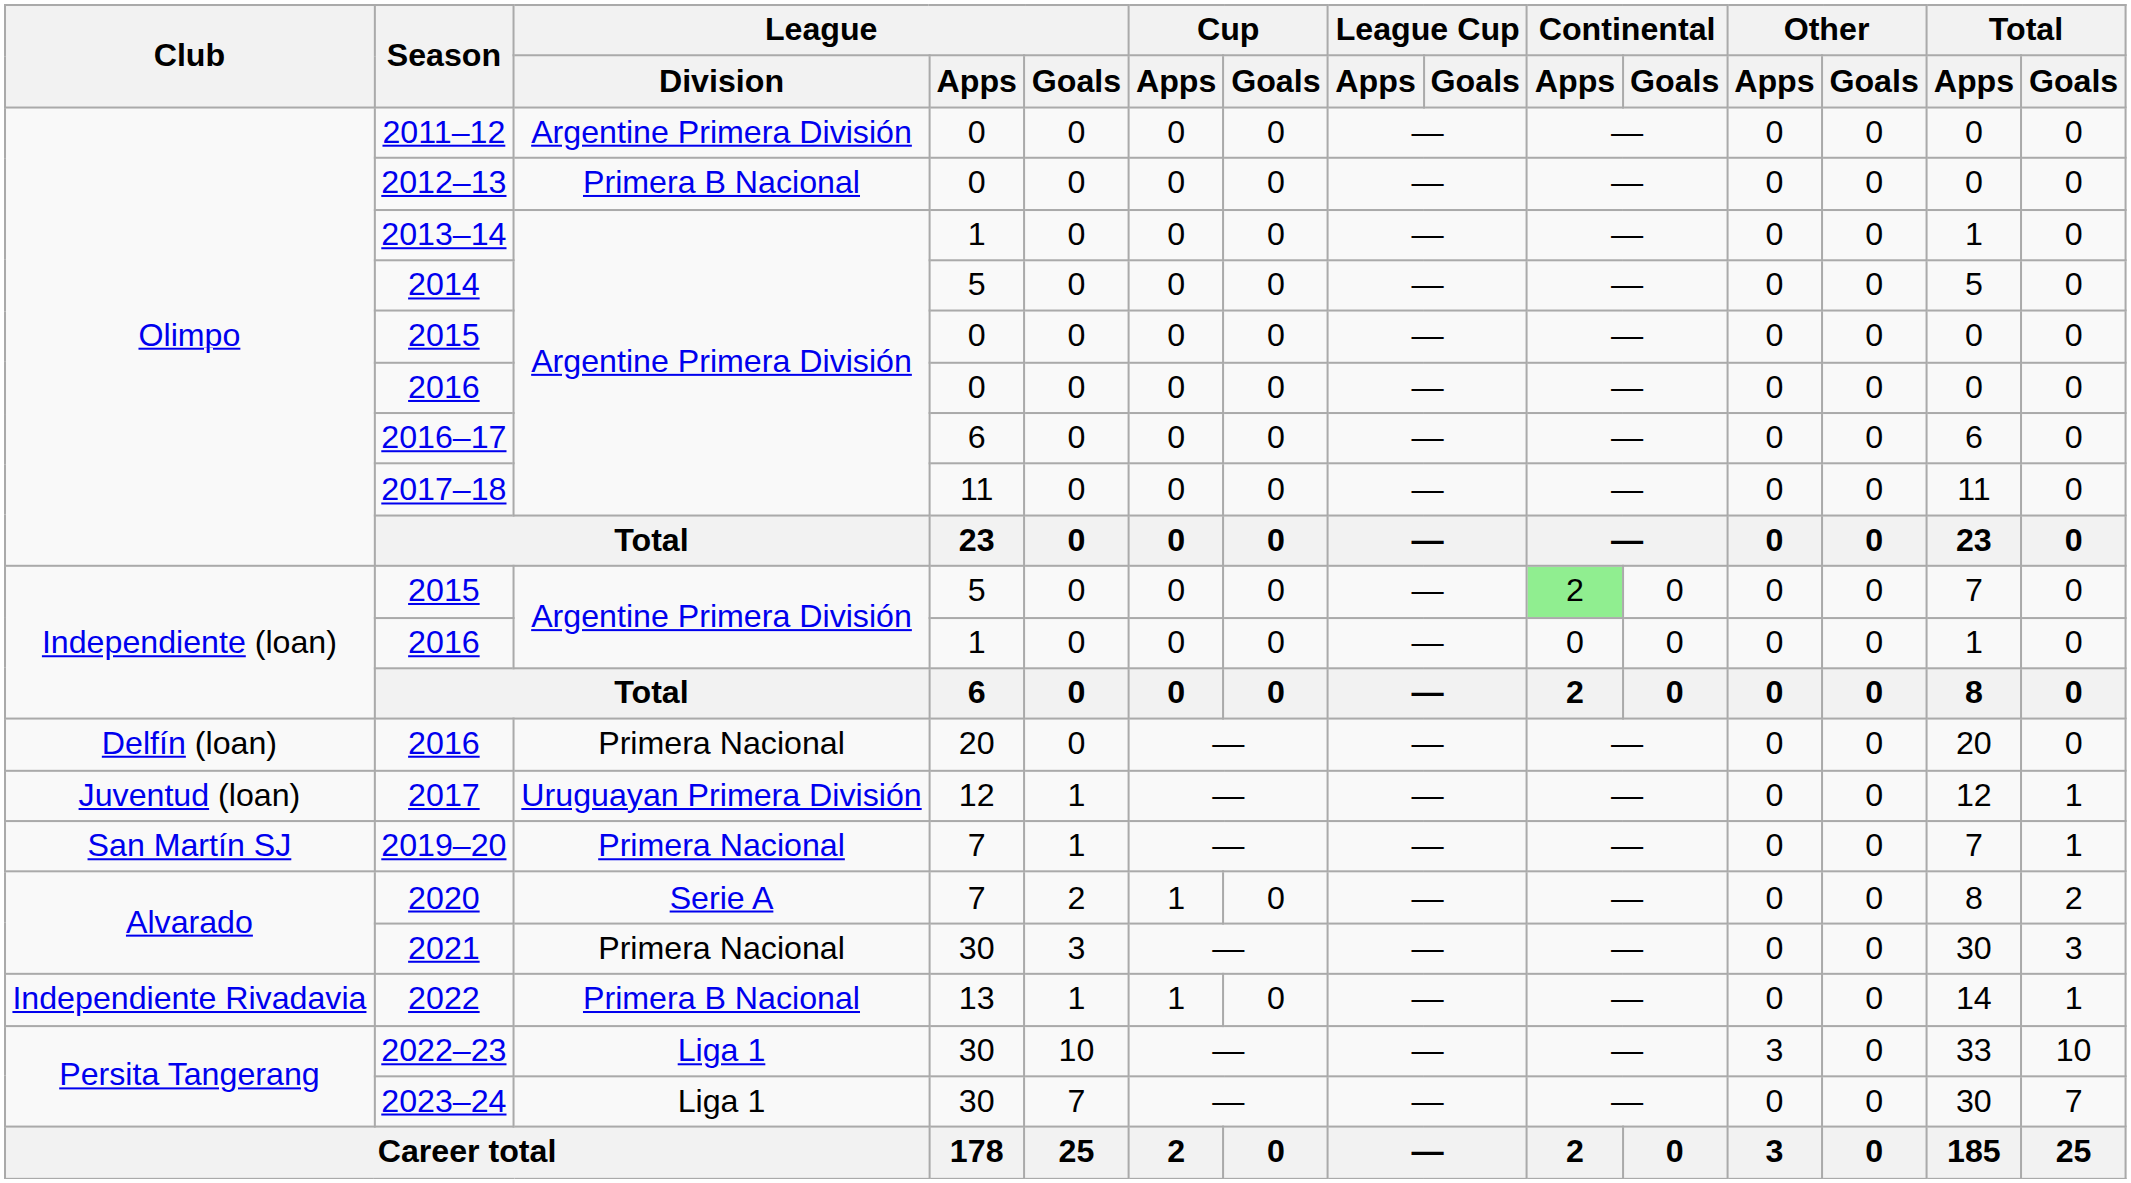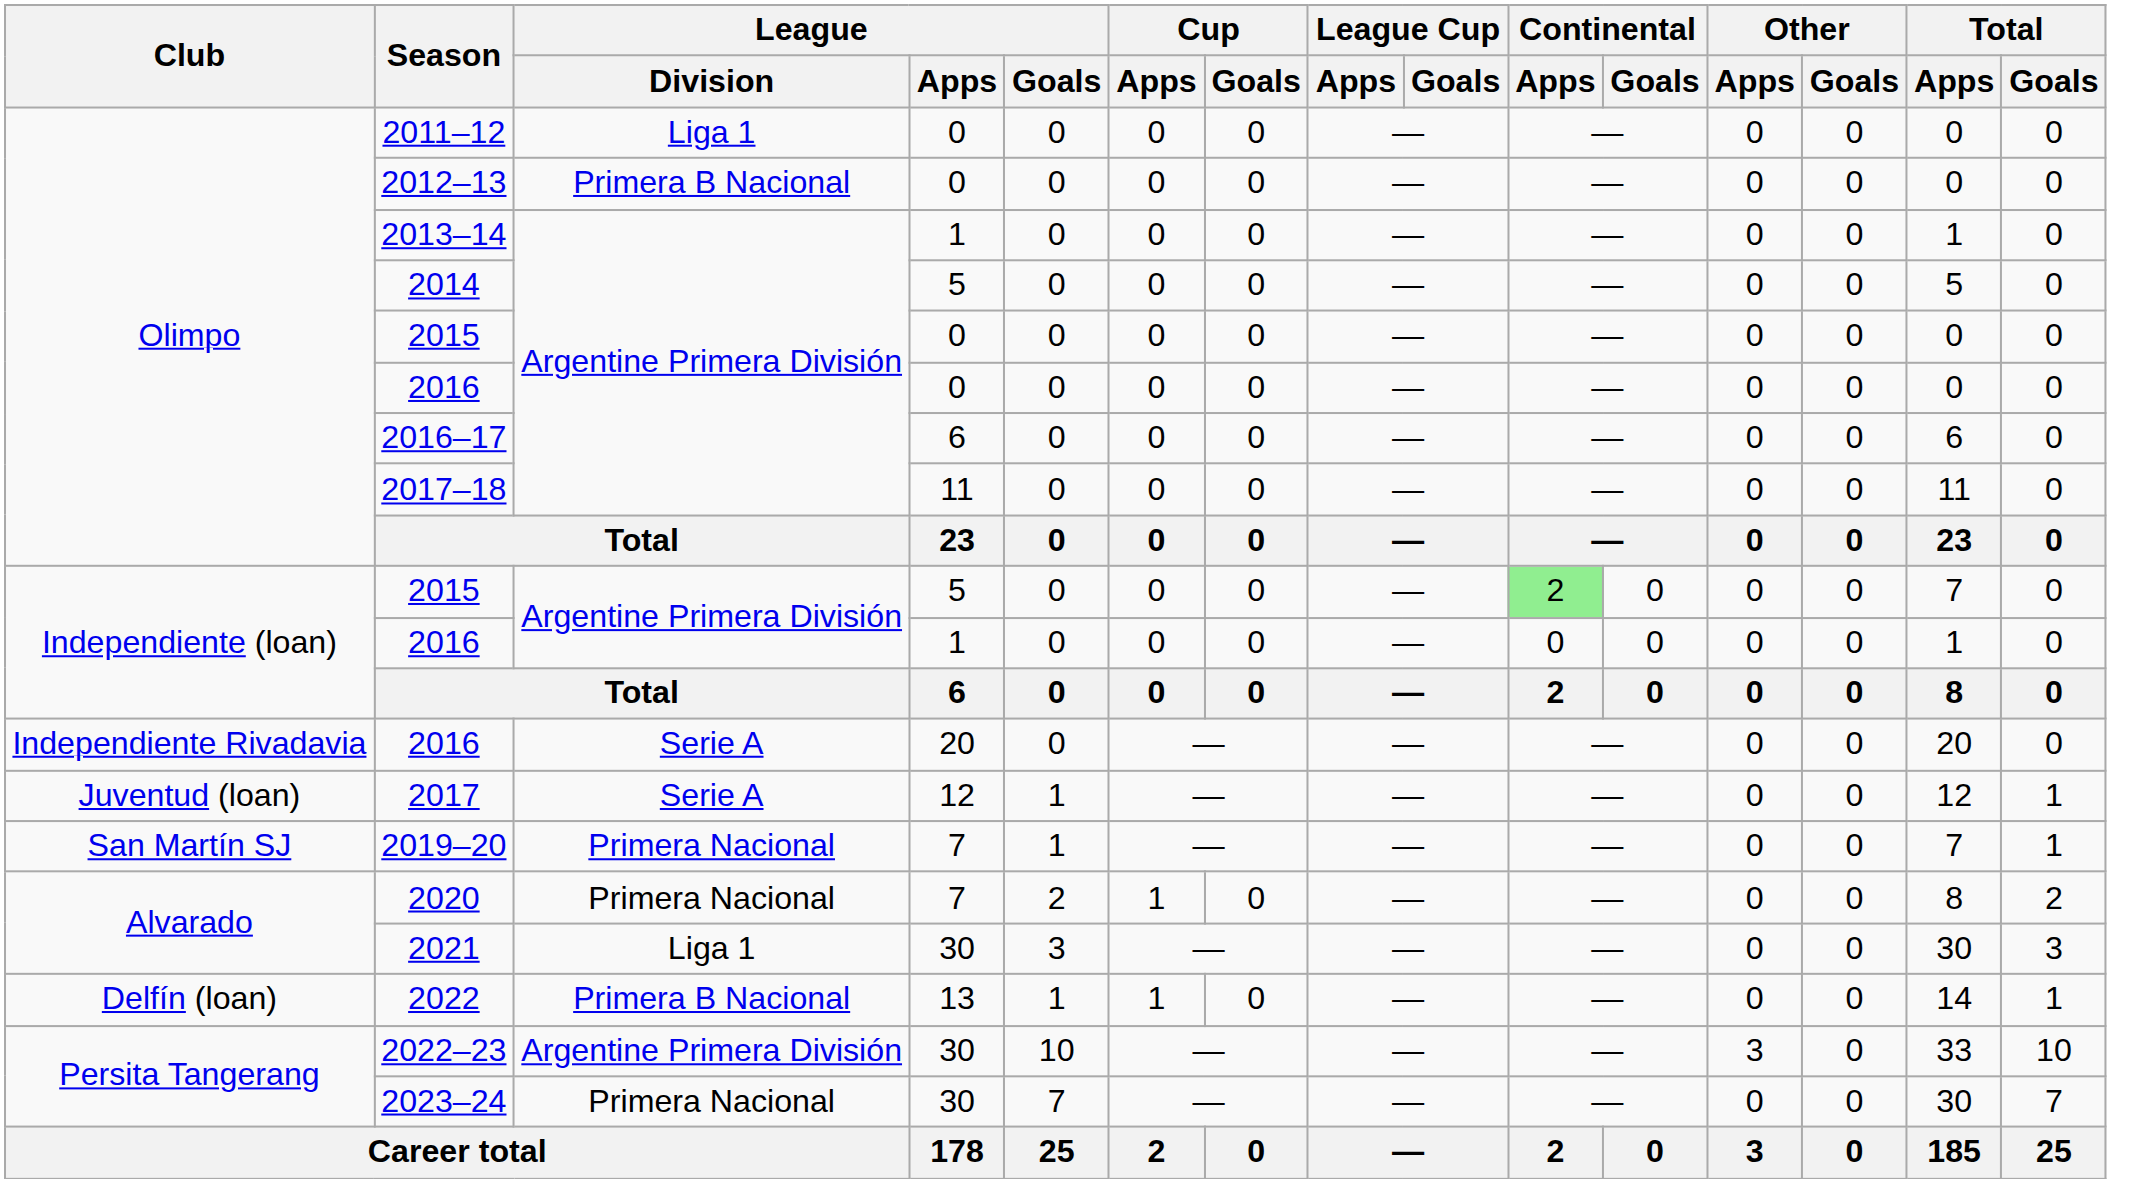 <table class="wikitable" style="text-align:center">
 <tr>
 <th rowspan="2">Club</th>
 <th rowspan="2">Season</th>
 <th colspan="3">League</th>
 <th colspan="2">Cup</th>
 <th colspan="2">League Cup</th>
 <th colspan="2">Continental</th>
 <th colspan="2">Other</th>
 <th colspan="2">Total</th>
 </tr>
 <tr>
 <th>Division</th>
 <th>Apps</th>
 <th>Goals</th>
 <th>Apps</th>
 <th>Goals</th>
 <th>Apps</th>
 <th>Goals</th>
 <th>Apps</th>
 <th>Goals</th>
 <th>Apps</th>
 <th>Goals</th>
 <th>Apps</th>
 <th>Goals</th>
 </tr>
 <tr>
 <td rowspan="9"><a href='#'>Olimpo</a></td>
 <td><a href='#'>2011–12</a></td>
-<td rowspan="1"><a href='#'>Argentine Primera División</a></td>
+<td rowspan="1"><a href='#'>Liga 1</a></td>
 <td>0</td>
 <td>0</td>
 <td>0</td>
 <td>0</td>
 <td colspan="2">—</td>
 <td colspan="2">—</td>
 <td>0</td>
 <td>0</td>
 <td>0</td>
 <td>0</td>
 </tr>
 <tr>
 <td><a href='#'>2012–13</a></td>
 <td rowspan="1"><a href='#'>Primera B Nacional</a></td>
 <td>0</td>
 <td>0</td>
 <td>0</td>
 <td>0</td>
 <td colspan="2">—</td>
 <td colspan="2">—</td>
 <td>0</td>
 <td>0</td>
 <td>0</td>
 <td>0</td>
 </tr>
 <tr>
 <td><a href='#'>2013–14</a></td>
 <td rowspan="6"><a href='#'>Argentine Primera División</a></td>
 <td>1</td>
 <td>0</td>
 <td>0</td>
 <td>0</td>
 <td colspan="2">—</td>
 <td colspan="2">—</td>
 <td>0</td>
 <td>0</td>
 <td>1</td>
 <td>0</td>
 </tr>
 <tr>
 <td><a href='#'>2014</a></td>
 <td>5</td>
 <td>0</td>
 <td>0</td>
 <td>0</td>
 <td colspan="2">—</td>
 <td colspan="2">—</td>
 <td>0</td>
 <td>0</td>
 <td>5</td>
 <td>0</td>
 </tr>
 <tr>
 <td><a href='#'>2015</a></td>
 <td>0</td>
 <td>0</td>
 <td>0</td>
 <td>0</td>
 <td colspan="2">—</td>
 <td colspan="2">—</td>
 <td>0</td>
 <td>0</td>
 <td>0</td>
 <td>0</td>
 </tr>
 <tr>
 <td><a href='#'>2016</a></td>
 <td>0</td>
 <td>0</td>
 <td>0</td>
 <td>0</td>
 <td colspan="2">—</td>
 <td colspan="2">—</td>
 <td>0</td>
 <td>0</td>
 <td>0</td>
 <td>0</td>
 </tr>
 <tr>
 <td><a href='#'>2016–17</a></td>
 <td>6</td>
 <td>0</td>
 <td>0</td>
 <td>0</td>
 <td colspan="2">—</td>
 <td colspan="2">—</td>
 <td>0</td>
 <td>0</td>
 <td>6</td>
 <td>0</td>
 </tr>
 <tr>
 <td><a href='#'>2017–18</a></td>
 <td>11</td>
 <td>0</td>
 <td>0</td>
 <td>0</td>
 <td colspan="2">—</td>
 <td colspan="2">—</td>
 <td>0</td>
 <td>0</td>
 <td>11</td>
 <td>0</td>
 </tr>
 <tr>
 <th colspan="2">Total</th>
 <th>23</th>
 <th>0</th>
 <th>0</th>
 <th>0</th>
 <th colspan="2">—</th>
 <th colspan="2">—</th>
 <th>0</th>
 <th>0</th>
 <th>23</th>
 <th>0</th>
 </tr>
 <tr>
 <td rowspan="3"><a href='#'>Independiente</a> (loan)</td>
 <td><a href='#'>2015</a></td>
 <td rowspan="2"><a href='#'>Argentine Primera División</a></td>
 <td>5</td>
 <td>0</td>
 <td>0</td>
 <td>0</td>
 <td colspan="2">—</td>
 <td style="background: lightgreen;">2</td>
 <td>0</td>
 <td>0</td>
 <td>0</td>
 <td>7</td>
 <td>0</td>
 </tr>
 <tr>
 <td><a href='#'>2016</a></td>
 <td>1</td>
 <td>0</td>
 <td>0</td>
 <td>0</td>
 <td colspan="2">—</td>
 <td>0</td>
 <td>0</td>
 <td>0</td>
 <td>0</td>
 <td>1</td>
 <td>0</td>
 </tr>
 <tr>
 <th colspan="2">Total</th>
 <th>6</th>
 <th>0</th>
 <th>0</th>
 <th>0</th>
 <th colspan="2">—</th>
 <th>2</th>
 <th>0</th>
 <th>0</th>
 <th>0</th>
 <th>8</th>
 <th>0</th>
 </tr>
 <tr>
-<td rowspan="1"><a href='#'>Delfín</a> (loan)</td>
+<td rowspan="1"><a href='#'>Independiente Rivadavia</a></td>
 <td><a href='#'>2016</a></td>
-<td rowspan="1">Primera Nacional</td>
+<td rowspan="1"><a href='#'>Serie A</a></td>
 <td>20</td>
 <td>0</td>
 <td colspan="2">—</td>
 <td colspan="2">—</td>
 <td colspan="2">—</td>
 <td>0</td>
 <td>0</td>
 <td>20</td>
 <td>0</td>
 </tr>
 <tr>
 <td rowspan="1"><a href='#'>Juventud</a> (loan)</td>
 <td><a href='#'>2017</a></td>
-<td rowspan="1"><a href='#'>Uruguayan Primera División</a></td>
+<td rowspan="1"><a href='#'>Serie A</a></td>
 <td>12</td>
 <td>1</td>
 <td colspan="2">—</td>
 <td colspan="2">—</td>
 <td colspan="2">—</td>
 <td>0</td>
 <td>0</td>
 <td>12</td>
 <td>1</td>
 </tr>
 <tr>
 <td rowspan="1"><a href='#'>San Martín SJ</a></td>
 <td><a href='#'>2019–20</a></td>
 <td rowspan="1"><a href='#'>Primera Nacional</a></td>
 <td>7</td>
 <td>1</td>
 <td colspan="2">—</td>
 <td colspan="2">—</td>
 <td colspan="2">—</td>
 <td>0</td>
 <td>0</td>
 <td>7</td>
 <td>1</td>
 </tr>
 <tr>
 <td rowspan="2"><a href='#'>Alvarado</a></td>
 <td><a href='#'>2020</a></td>
-<td rowspan="1"><a href='#'>Serie A</a></td>
+<td rowspan="1">Primera Nacional</td>
 <td>7</td>
 <td>2</td>
 <td>1</td>
 <td>0</td>
 <td colspan="2">—</td>
 <td colspan="2">—</td>
 <td>0</td>
 <td>0</td>
 <td>8</td>
 <td>2</td>
 </tr>
 <tr>
 <td><a href='#'>2021</a></td>
-<td rowspan="1">Primera Nacional</td>
+<td rowspan="1">Liga 1</td>
 <td>30</td>
 <td>3</td>
 <td colspan="2">—</td>
 <td colspan="2">—</td>
 <td colspan="2">—</td>
 <td>0</td>
 <td>0</td>
 <td>30</td>
 <td>3</td>
 </tr>
 <tr>
-<td rowspan="1"><a href='#'>Independiente Rivadavia</a></td>
+<td rowspan="1"><a href='#'>Delfín</a> (loan)</td>
 <td><a href='#'>2022</a></td>
 <td rowspan="1"><a href='#'>Primera B Nacional</a></td>
 <td>13</td>
 <td>1</td>
 <td>1</td>
 <td>0</td>
 <td colspan="2">—</td>
 <td colspan="2">—</td>
 <td>0</td>
 <td>0</td>
 <td>14</td>
 <td>1</td>
 </tr>
 <tr>
 <td rowspan="2"><a href='#'>Persita Tangerang</a></td>
 <td><a href='#'>2022–23</a></td>
-<td rowspan="1"><a href='#'>Liga 1</a></td>
+<td rowspan="1"><a href='#'>Argentine Primera División</a></td>
 <td>30</td>
 <td>10</td>
 <td colspan="2">—</td>
 <td colspan="2">—</td>
 <td colspan="2">—</td>
 <td>3</td>
 <td>0</td>
 <td>33</td>
 <td>10</td>
 </tr>
 <tr>
 <td><a href='#'>2023–24</a></td>
-<td rowspan="1">Liga 1</td>
+<td rowspan="1">Primera Nacional</td>
 <td>30</td>
 <td>7</td>
 <td colspan="2">—</td>
 <td colspan="2">—</td>
 <td colspan="2">—</td>
 <td>0</td>
 <td>0</td>
 <td>30</td>
 <td>7</td>
 </tr>
 <tr>
 <th colspan="3">Career total</th>
 <th>178</th>
 <th>25</th>
 <th>2</th>
 <th>0</th>
 <th colspan="2">—</th>
 <th>2</th>
 <th>0</th>
 <th>3</th>
 <th>0</th>
 <th>185</th>
 <th>25</th>
 </tr>
 </table>
